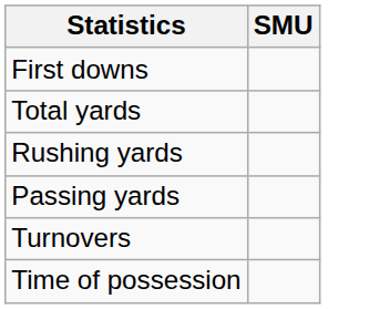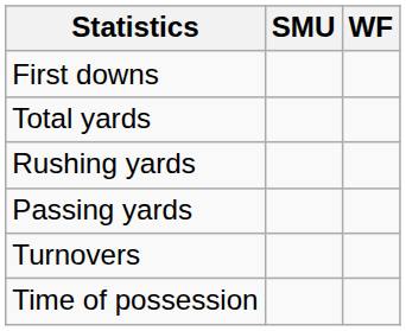 <table class="wikitable" style="float:left">
 <tr>
 <th>Statistics</th>
 <th>SMU</th>
+<th>WF</th>
 </tr>
 <tr>
 <td>First downs</td>
+<td></td>
 <td></td>
 </tr>
 <tr>
 <td>Total yards</td>
 <td></td>
+<td></td>
 </tr>
 <tr>
 <td>Rushing yards</td>
+<td></td>
 <td></td>
 </tr>
 <tr>
 <td>Passing yards</td>
 <td></td>
+<td></td>
 </tr>
 <tr>
 <td>Turnovers</td>
+<td></td>
 <td></td>
 </tr>
 <tr>
 <td>Time of possession</td>
 <td></td>
+<td></td>
 </tr>
 </table>
